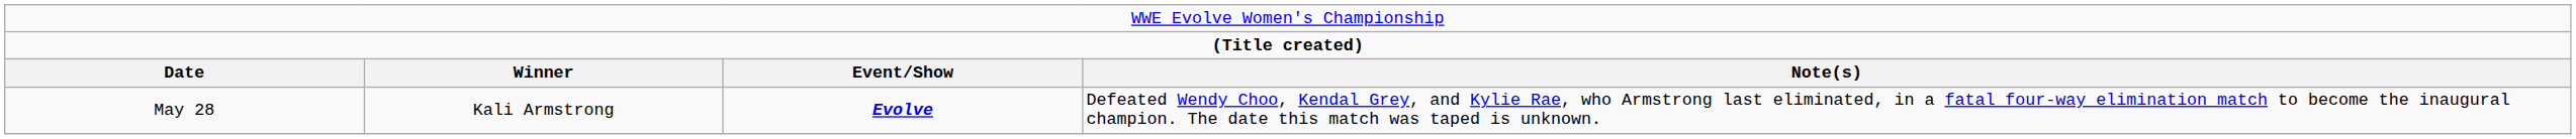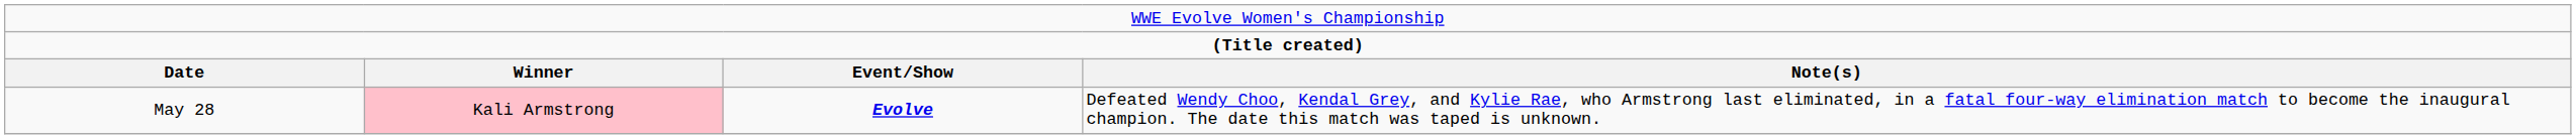 <table class="wikitable" style="text-align:center; width:100%;">
 <tr>
 <td colspan="4" style="text-align: center;"><a href='#'>WWE Evolve Women's Championship</a></td>
 </tr>
 <tr>
 <td colspan="4" style="text-align: center;"><strong>(Title created)</strong></td>
 </tr>
 <tr>
 <th width="14%">Date</th>
 <th width="14%">Winner</th>
 <th width="14%">Event/Show</th>
 <th width="58%">Note(s)</th>
 </tr>
 <tr>
 <td>May 28<br></td>
-<td>Kali Armstrong</td>
+<td style="background: pink;">Kali Armstrong</td>
 <td><strong><em><a href='#'>Evolve</a></em></strong></td>
 <td align=left>Defeated <a href='#'>Wendy Choo</a>, <a href='#'>Kendal Grey</a>, and <a href='#'>Kylie Rae</a>, who Armstrong last eliminated, in a <a href='#'>fatal four-way elimination match</a> to become the inaugural champion. The date this match was taped is unknown.</td>
 </tr>
 <tr>
 </tr>
 </table>
